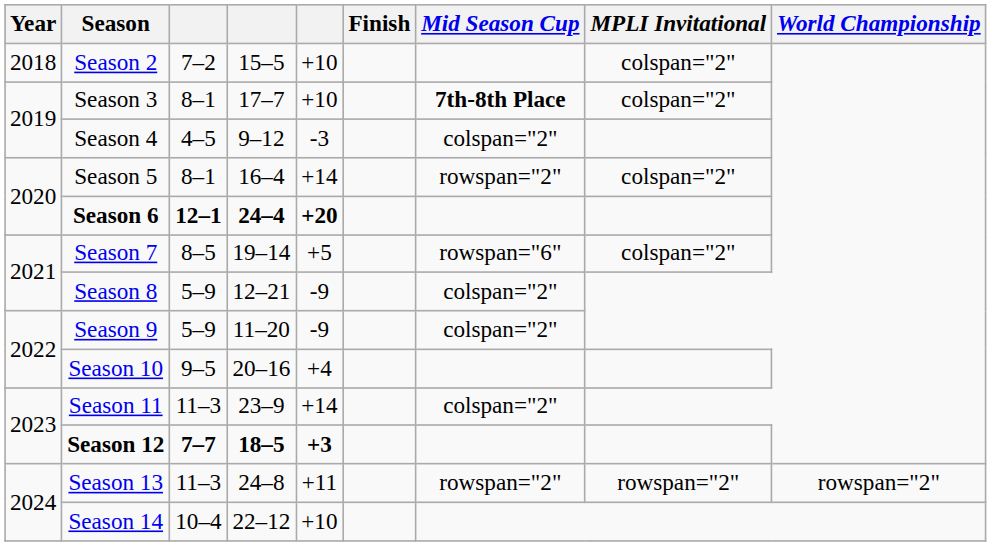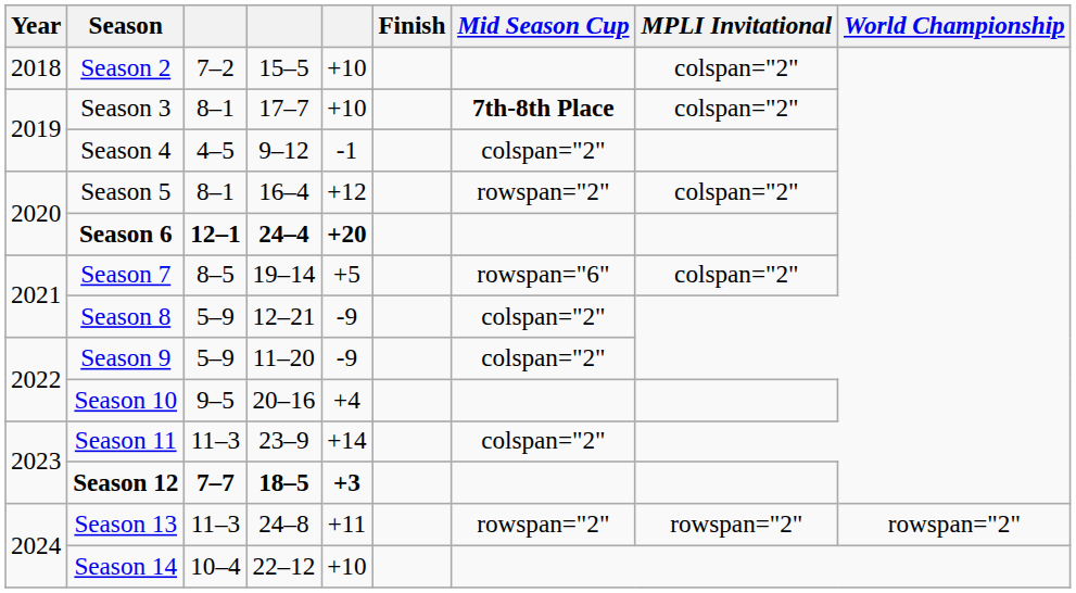 <table class="wikitable" style="text-align: center; margin-left: auto; margin-right: auto; font-size: 90%;">
 <tr>
 <th>Year</th>
 <th>Season</th>
 <th></th>
 <th></th>
 <th></th>
 <th>Finish</th>
 <th><a href='#'><em>Mid Season Cup</em></a></th>
 <th><em>MPLI Invitational</em></th>
 <th><a href='#'><em>World Championship</em></a></th>
 </tr>
 <tr>
 <td>2018</td>
 <td><a href='#'>Season 2</a></td>
 <td>7–2</td>
 <td>15–5</td>
 <td>+10</td>
 <td></td>
 <td></td>
 <td>colspan="2" </td>
 </tr>
 <tr>
 <td rowspan="2">2019</td>
 <td>Season 3</td>
 <td>8–1</td>
 <td>17–7</td>
 <td>+10</td>
 <td></td>
 <td><strong>7th-8th Place</strong></td>
 <td>colspan="2" </td>
 </tr>
 <tr>
 <td>Season 4</td>
 <td>4–5</td>
 <td>9–12</td>
-<td>-3</td>
+<td>-1</td>
 <td></td>
 <td>colspan="2" </td>
 <td></td>
 </tr>
 <tr>
 <td rowspan="2">2020</td>
 <td>Season 5</td>
 <td>8–1</td>
 <td>16–4</td>
-<td>+14</td>
+<td>+12</td>
 <td></td>
 <td>rowspan="2" </td>
 <td>colspan="2" </td>
 </tr>
 <tr>
 <td><strong>Season 6</strong></td>
 <td><strong>12–1</strong></td>
 <td><strong>24–4</strong></td>
 <td><strong>+20</strong></td>
 <td></td>
 <td></td>
 <td></td>
 </tr>
 <tr>
 <td rowspan="2">2021</td>
 <td><a href='#'>Season 7</a></td>
 <td>8–5</td>
 <td>19–14</td>
 <td>+5</td>
 <td></td>
 <td>rowspan="6" </td>
 <td>colspan="2" </td>
 </tr>
 <tr>
 <td><a href='#'>Season 8</a></td>
 <td>5–9</td>
 <td>12–21</td>
 <td>-9</td>
 <td></td>
 <td>colspan="2" </td>
 </tr>
 <tr>
 <td rowspan="2">2022</td>
 <td><a href='#'>Season 9</a></td>
 <td>5–9</td>
 <td>11–20</td>
 <td>-9</td>
 <td></td>
 <td>colspan="2" </td>
 </tr>
 <tr>
 <td><a href='#'>Season 10</a></td>
 <td>9–5</td>
 <td>20–16</td>
 <td>+4</td>
 <td></td>
 <td></td>
 <td></td>
 </tr>
 <tr>
 <td rowspan="2">2023</td>
 <td><a href='#'>Season 11</a></td>
 <td>11–3</td>
 <td>23–9</td>
 <td>+14</td>
 <td></td>
 <td>colspan="2" </td>
 </tr>
 <tr>
 <td><strong>Season 12</strong></td>
 <td><strong>7–7</strong></td>
 <td><strong>18–5</strong></td>
 <td><strong>+3</strong></td>
 <td></td>
 <td></td>
 <td></td>
 </tr>
 <tr>
 <td rowspan="2">2024</td>
 <td><a href='#'>Season 13</a></td>
 <td>11–3</td>
 <td>24–8</td>
 <td>+11</td>
 <td></td>
 <td>rowspan="2" </td>
 <td>rowspan="2" </td>
 <td>rowspan="2" </td>
 </tr>
 <tr>
 <td><a href='#'>Season 14</a></td>
 <td>10–4</td>
 <td>22–12</td>
 <td>+10</td>
 <td></td>
 </tr>
 </table>
